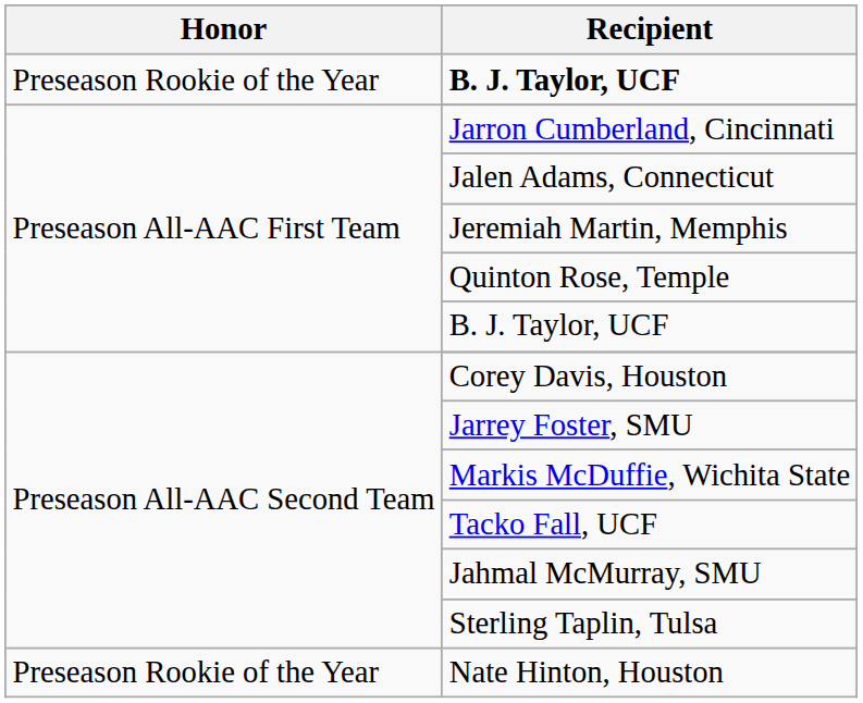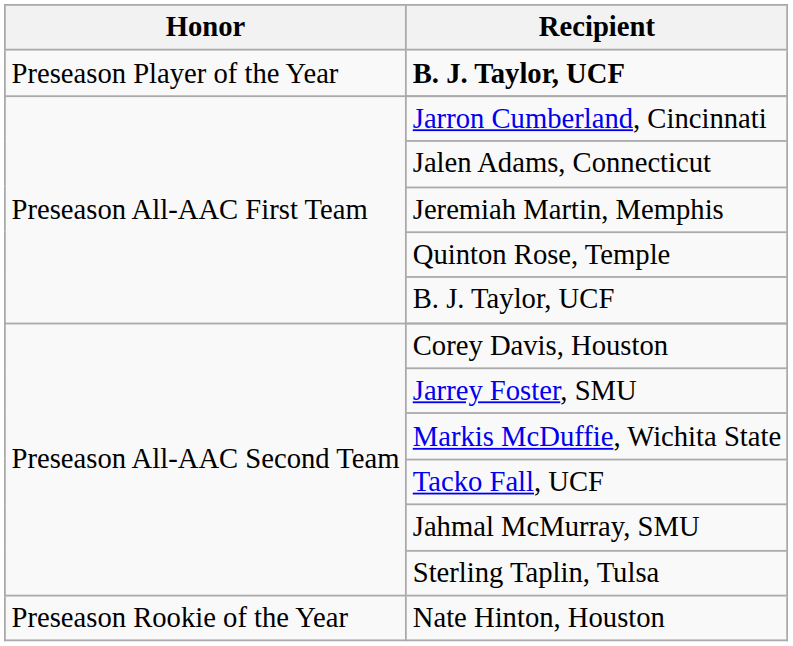 <table class="wikitable" border="1">
 <tr>
 <th>Honor</th>
 <th>Recipient</th>
 </tr>
 <tr>
-<td>Preseason Rookie of the Year</td>
+<td>Preseason Player of the Year</td>
 <td><strong>B. J. Taylor, UCF</strong></td>
 </tr>
 <tr>
 <td rowspan="6" valign="middle">Preseason All-AAC First Team</td>
 </tr>
 <tr>
 <td><a href='#'>Jarron Cumberland</a>, Cincinnati</td>
 </tr>
 <tr>
 <td>Jalen Adams, Connecticut</td>
 </tr>
 <tr>
 <td>Jeremiah Martin, Memphis</td>
 </tr>
 <tr>
 <td>Quinton Rose, Temple</td>
 </tr>
 <tr>
 <td>B. J. Taylor, UCF</td>
 </tr>
 <tr>
 <td rowspan="7" valign="middle">Preseason All-AAC Second Team</td>
 </tr>
 <tr>
 <td>Corey Davis, Houston</td>
 </tr>
 <tr>
 <td><a href='#'>Jarrey Foster</a>, SMU</td>
 </tr>
 <tr>
 <td><a href='#'>Markis McDuffie</a>, Wichita State</td>
 </tr>
 <tr>
 <td><a href='#'>Tacko Fall</a>, UCF</td>
 </tr>
 <tr>
 <td>Jahmal McMurray, SMU</td>
 </tr>
 <tr>
 <td>Sterling Taplin, Tulsa</td>
 </tr>
 <tr>
 <td>Preseason Rookie of the Year</td>
 <td>Nate Hinton, Houston</td>
 </tr>
 </table>
